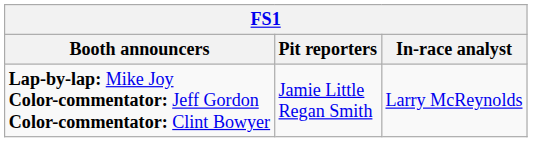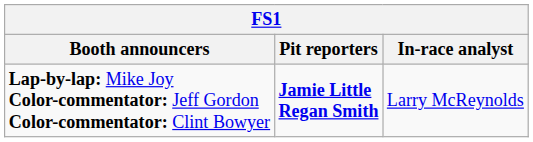 <table class="wikitable" style="font-size: 95%;">
 <tr>
 <th colspan="3"><a href='#'>FS1</a></th>
 </tr>
 <tr>
 <th>Booth announcers</th>
 <th>Pit reporters</th>
 <th>In-race analyst</th>
 </tr>
 <tr>
 <td><strong>Lap-by-lap:</strong> <a href='#'>Mike Joy</a><br><strong>Color-commentator:</strong> <a href='#'>Jeff Gordon</a><br><strong>Color-commentator:</strong> <a href='#'>Clint Bowyer</a></td>
-<td><a href='#'>Jamie Little</a><br><a href='#'>Regan Smith</a></td>
+<td><strong><a href='#'>Jamie Little</a><br><a href='#'>Regan Smith</a></strong></td>
 <td><a href='#'>Larry McReynolds</a></td>
 </tr>
 </table>
